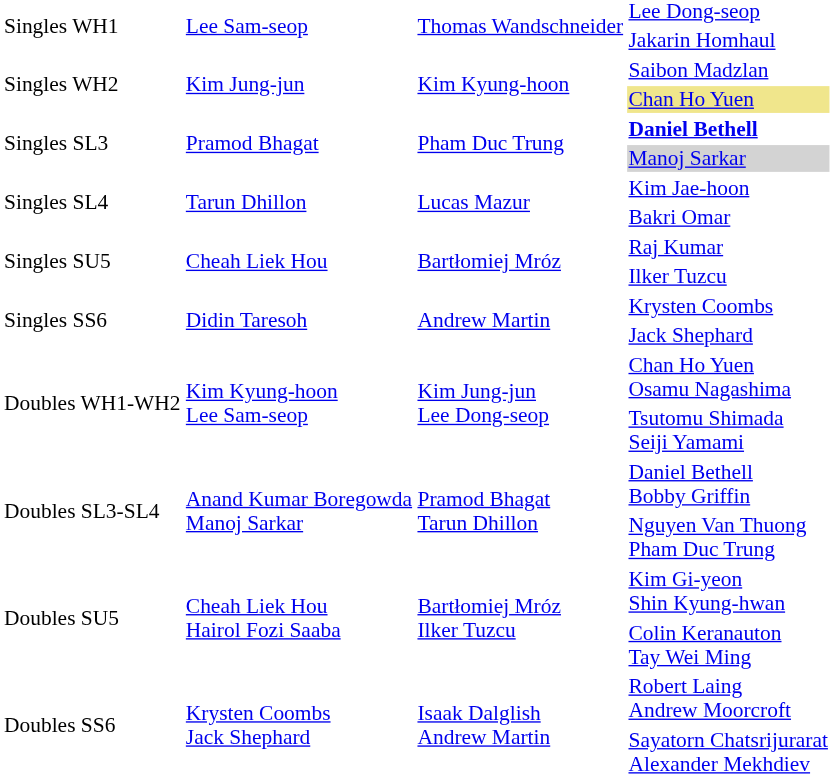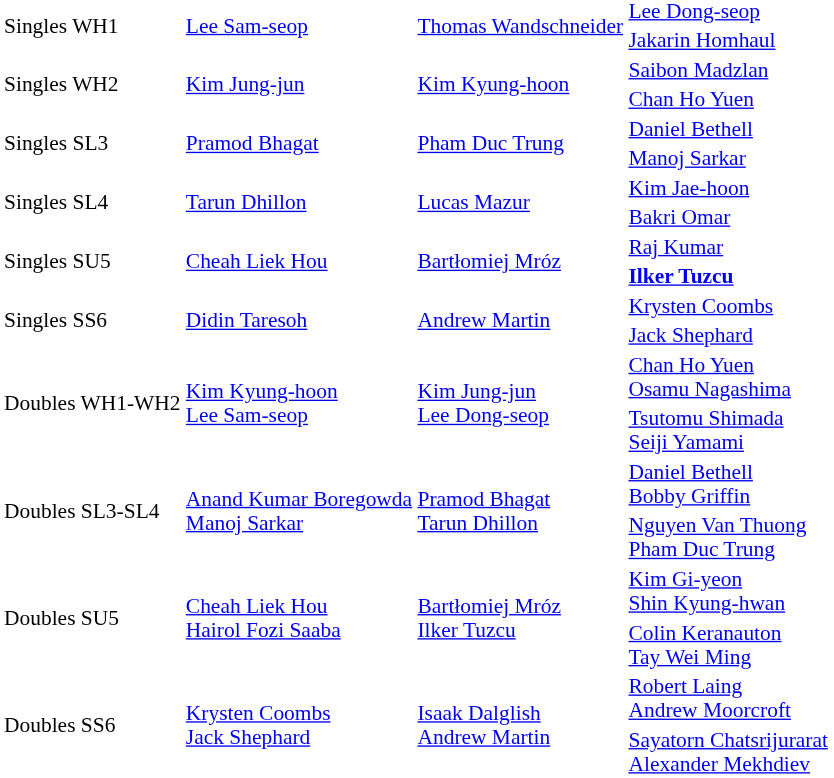 <table>
 <tr>
 <td rowspan=2>Singles WH1</td>
 <td rowspan=2> <a href='#'>Lee Sam-seop</a></td>
 <td rowspan=2> <a href='#'>Thomas Wandschneider</a></td>
 <td> <a href='#'>Lee Dong-seop</a></td>
 </tr>
 <tr>
 <td> <a href='#'>Jakarin Homhaul</a></td>
 </tr>
 <tr>
 <td rowspan=2>Singles WH2</td>
 <td rowspan=2> <a href='#'>Kim Jung-jun</a></td>
 <td rowspan=2> <a href='#'>Kim Kyung-hoon</a></td>
 <td> <a href='#'>Saibon Madzlan</a></td>
 </tr>
 <tr>
-<td style="background: khaki;"> <a href='#'>Chan Ho Yuen</a></td>
+<td> <a href='#'>Chan Ho Yuen</a></td>
 </tr>
 <tr>
 <td rowspan=2>Singles SL3</td>
 <td rowspan=2> <a href='#'>Pramod Bhagat</a></td>
 <td rowspan=2> <a href='#'>Pham Duc Trung</a></td>
-<td><strong> <a href='#'>Daniel Bethell</a></strong></td>
+<td> <a href='#'>Daniel Bethell</a></td>
 </tr>
 <tr>
-<td style="background: lightgrey;"> <a href='#'>Manoj Sarkar</a></td>
+<td> <a href='#'>Manoj Sarkar</a></td>
 </tr>
 <tr>
 <td rowspan=2>Singles SL4</td>
 <td rowspan=2> <a href='#'>Tarun Dhillon</a></td>
 <td rowspan=2> <a href='#'>Lucas Mazur</a></td>
 <td> <a href='#'>Kim Jae-hoon</a></td>
 </tr>
 <tr>
 <td> <a href='#'>Bakri Omar</a></td>
 </tr>
 <tr>
 <td rowspan=2>Singles SU5</td>
 <td rowspan=2> <a href='#'>Cheah Liek Hou</a></td>
 <td rowspan=2> <a href='#'>Bartłomiej Mróz</a></td>
 <td> <a href='#'>Raj Kumar</a></td>
 </tr>
 <tr>
-<td> <a href='#'>Ilker Tuzcu</a></td>
+<td><strong> <a href='#'>Ilker Tuzcu</a></strong></td>
 </tr>
 <tr>
 <td rowspan=2>Singles SS6</td>
 <td rowspan=2> <a href='#'>Didin Taresoh</a></td>
 <td rowspan=2> <a href='#'>Andrew Martin</a></td>
 <td> <a href='#'>Krysten Coombs</a></td>
 </tr>
 <tr>
 <td> <a href='#'>Jack Shephard</a></td>
 </tr>
 <tr>
 <td rowspan=2>Doubles WH1-WH2</td>
 <td rowspan=2> <a href='#'>Kim Kyung-hoon</a><br> <a href='#'>Lee Sam-seop</a></td>
 <td rowspan=2> <a href='#'>Kim Jung-jun</a><br> <a href='#'>Lee Dong-seop</a></td>
 <td> <a href='#'>Chan Ho Yuen</a><br> <a href='#'>Osamu Nagashima</a></td>
 </tr>
 <tr>
 <td> <a href='#'>Tsutomu Shimada</a><br> <a href='#'>Seiji Yamami</a></td>
 </tr>
 <tr>
 <td rowspan=2>Doubles SL3-SL4</td>
 <td rowspan=2> <a href='#'>Anand Kumar Boregowda</a><br> <a href='#'>Manoj Sarkar</a></td>
 <td rowspan=2> <a href='#'>Pramod Bhagat</a><br> <a href='#'>Tarun Dhillon</a></td>
 <td> <a href='#'>Daniel Bethell</a><br> <a href='#'>Bobby Griffin</a></td>
 </tr>
 <tr>
 <td> <a href='#'>Nguyen Van Thuong</a><br> <a href='#'>Pham Duc Trung</a></td>
 </tr>
 <tr>
 <td rowspan=2>Doubles SU5</td>
 <td rowspan=2> <a href='#'>Cheah Liek Hou</a><br> <a href='#'>Hairol Fozi Saaba</a></td>
 <td rowspan=2> <a href='#'>Bartłomiej Mróz</a><br> <a href='#'>Ilker Tuzcu</a></td>
 <td> <a href='#'>Kim Gi-yeon</a><br> <a href='#'>Shin Kyung-hwan</a></td>
 </tr>
 <tr>
 <td> <a href='#'>Colin Keranauton</a><br> <a href='#'>Tay Wei Ming</a></td>
 </tr>
 <tr>
 <td rowspan=2>Doubles SS6</td>
 <td rowspan=2> <a href='#'>Krysten Coombs</a><br> <a href='#'>Jack Shephard</a></td>
 <td rowspan=2> <a href='#'>Isaak Dalglish</a><br> <a href='#'>Andrew Martin</a></td>
 <td> <a href='#'>Robert Laing</a><br> <a href='#'>Andrew Moorcroft</a></td>
 </tr>
 <tr>
 <td> <a href='#'>Sayatorn Chatsrijurarat</a><br> <a href='#'>Alexander Mekhdiev</a></td>
 </tr>
 </table>
